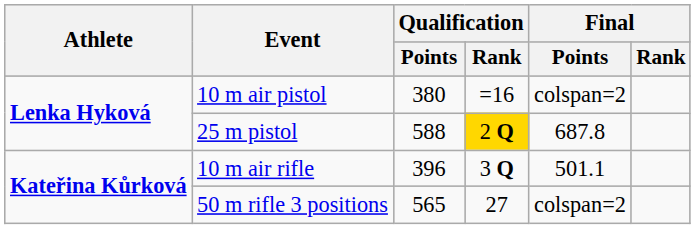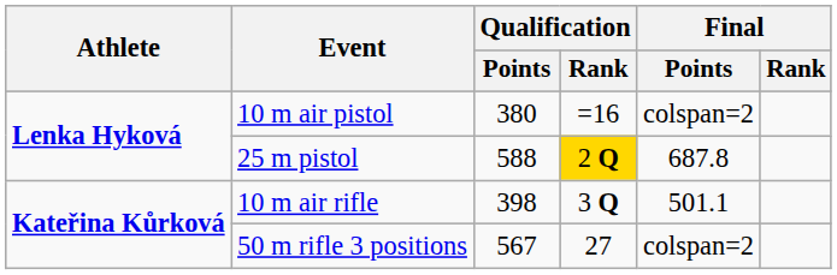 <table class="wikitable" style="font-size:90%">
 <tr>
 <th rowspan="2">Athlete</th>
 <th rowspan="2">Event</th>
 <th colspan=2>Qualification</th>
 <th colspan=2>Final</th>
 </tr>
 <tr style="font-size:95%">
 <th>Points</th>
 <th>Rank</th>
 <th>Points</th>
 <th>Rank</th>
 </tr>
 <tr align=center>
 <td align=left rowspan=2><strong><a href='#'>Lenka Hyková</a></strong></td>
 <td align=left><a href='#'>10 m air pistol</a></td>
 <td>380</td>
 <td>=16</td>
 <td>colspan=2 </td>
 </tr>
 <tr align=center>
 <td align=left><a href='#'>25 m pistol</a></td>
 <td>588</td>
 <td style="background: gold;">2 <strong>Q</strong></td>
 <td>687.8</td>
 <td></td>
 </tr>
 <tr align=center>
 <td align=left rowspan=2><strong><a href='#'>Kateřina Kůrková</a></strong></td>
 <td align=left><a href='#'>10 m air rifle</a></td>
-<td>396</td>
+<td>398</td>
 <td>3 <strong>Q</strong></td>
 <td>501.1</td>
 <td></td>
 </tr>
 <tr align=center>
 <td align=left><a href='#'>50 m rifle 3 positions</a></td>
-<td>565</td>
+<td>567</td>
 <td>27</td>
 <td>colspan=2 </td>
 </tr>
 </table>
